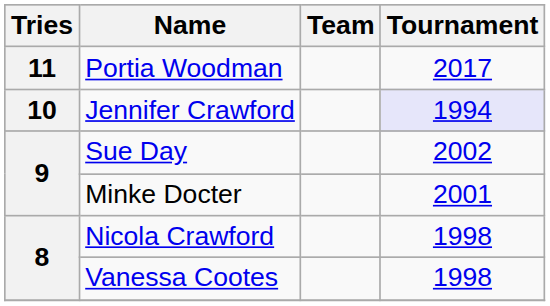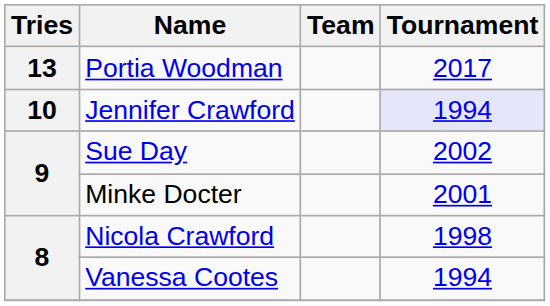 <table class="wikitable">
 <tr>
 <th>Tries</th>
 <th>Name</th>
 <th>Team</th>
 <th>Tournament</th>
 </tr>
 <tr>
-<th>11</th>
+<th>13</th>
 <td><a href='#'>Portia Woodman</a></td>
 <td></td>
 <td align="center"><a href='#'>2017</a></td>
 </tr>
 <tr>
 <th>10</th>
 <td><a href='#'>Jennifer Crawford</a></td>
 <td></td>
 <td align="center" style="background: lavender;"><a href='#'>1994</a></td>
 </tr>
 <tr>
 <th rowspan="2”">9</th>
 <td><a href='#'>Sue Day</a></td>
 <td></td>
 <td align=center><a href='#'>2002</a></td>
 </tr>
 <tr>
 <td>Minke Docter</td>
 <td></td>
 <td align=center><a href='#'>2001</a></td>
 </tr>
 <tr>
 <th rowspan="2”">8</th>
 <td><a href='#'>Nicola Crawford</a></td>
 <td></td>
 <td align=center><a href='#'>1998</a></td>
 </tr>
 <tr>
 <td><a href='#'>Vanessa Cootes</a></td>
 <td></td>
-<td align=center><a href='#'>1998</a></td>
+<td align=center><a href='#'>1994</a></td>
 </tr>
 <tr>
 </tr>
 </table>
